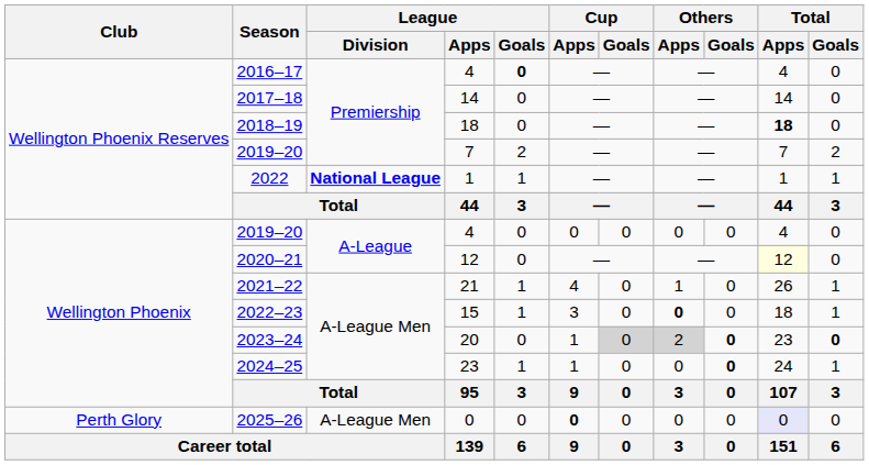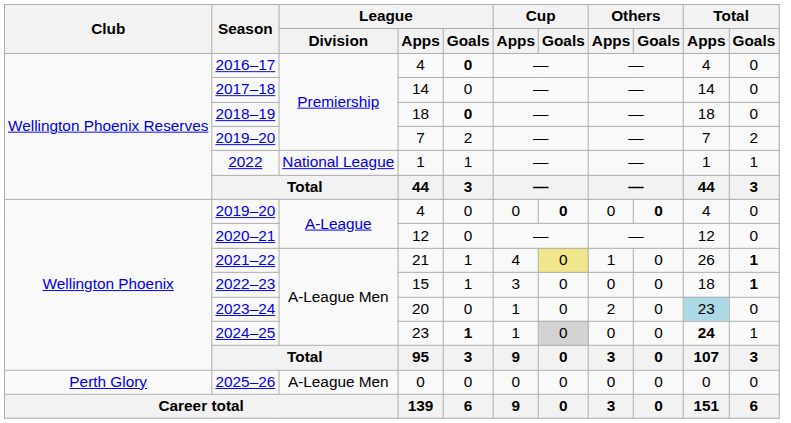 <table class="wikitable" style="text-align: center;">
 <tr>
 <th rowspan=2>Club</th>
 <th rowspan=2>Season</th>
 <th colspan=3>League</th>
 <th colspan=2>Cup</th>
 <th colspan=2>Others</th>
 <th colspan=2>Total</th>
 </tr>
 <tr>
 <th>Division</th>
 <th>Apps</th>
 <th>Goals</th>
 <th>Apps</th>
 <th>Goals</th>
 <th>Apps</th>
 <th>Goals</th>
 <th>Apps</th>
 <th>Goals</th>
 </tr>
 <tr>
 <td rowspan=6><a href='#'>Wellington Phoenix Reserves</a></td>
 <td><a href='#'>2016–17</a></td>
 <td rowspan=4><a href='#'>Premiership</a></td>
 <td>4</td>
 <td><strong>0</strong></td>
 <td colspan=2>—</td>
 <td colspan=2>—</td>
 <td>4</td>
 <td>0</td>
 </tr>
 <tr>
 <td><a href='#'>2017–18</a></td>
 <td>14</td>
 <td>0</td>
 <td colspan=2>—</td>
 <td colspan=2>—</td>
 <td>14</td>
 <td>0</td>
 </tr>
 <tr>
 <td><a href='#'>2018–19</a></td>
 <td>18</td>
-<td>0</td>
+<td><strong>0</strong></td>
 <td colspan=2>—</td>
 <td colspan=2>—</td>
-<td><strong>18</strong></td>
+<td>18</td>
 <td>0</td>
 </tr>
 <tr>
 <td><a href='#'>2019–20</a></td>
 <td>7</td>
 <td>2</td>
 <td colspan=2>—</td>
 <td colspan=2>—</td>
 <td>7</td>
 <td>2</td>
 </tr>
 <tr>
 <td><a href='#'>2022</a></td>
-<td><strong><a href='#'>National League</a></strong></td>
+<td><a href='#'>National League</a></td>
 <td>1</td>
 <td>1</td>
 <td colspan=2>—</td>
 <td colspan=2>—</td>
 <td>1</td>
 <td>1</td>
 </tr>
 <tr>
 <th colspan=2>Total</th>
 <th>44</th>
 <th>3</th>
 <th colspan=2>—</th>
 <th colspan=2>—</th>
 <th>44</th>
 <th>3</th>
 </tr>
 <tr>
 <td rowspan=7><a href='#'>Wellington Phoenix</a></td>
 <td><a href='#'>2019–20</a></td>
 <td rowspan=2><a href='#'>A-League</a></td>
 <td>4</td>
 <td>0</td>
 <td>0</td>
+<td><strong>0</strong></td>
 <td>0</td>
-<td>0</td>
-<td>0</td>
+<td><strong>0</strong></td>
 <td>4</td>
 <td>0</td>
 </tr>
 <tr>
 <td><a href='#'>2020–21</a></td>
 <td>12</td>
 <td>0</td>
 <td colspan=2>—</td>
 <td colspan=2>—</td>
-<td style="background: lightyellow;">12</td>
+<td>12</td>
 <td>0</td>
 </tr>
 <tr>
 <td><a href='#'>2021–22</a></td>
 <td rowspan=4>A-League Men</td>
 <td>21</td>
 <td>1</td>
 <td>4</td>
-<td>0</td>
+<td style="background: khaki;">0</td>
 <td>1</td>
 <td>0</td>
 <td>26</td>
-<td>1</td>
+<td><strong>1</strong></td>
 </tr>
 <tr>
 <td><a href='#'>2022–23</a></td>
 <td>15</td>
 <td>1</td>
 <td>3</td>
 <td>0</td>
-<td><strong>0</strong></td>
+<td>0</td>
 <td>0</td>
 <td>18</td>
-<td>1</td>
+<td><strong>1</strong></td>
 </tr>
 <tr>
 <td><a href='#'>2023–24</a></td>
 <td>20</td>
 <td>0</td>
 <td>1</td>
-<td style="background: lightgrey;">0</td>
-<td style="background: lightgrey;">2</td>
-<td><strong>0</strong></td>
-<td>23</td>
-<td><strong>0</strong></td>
+<td>0</td>
+<td>2</td>
+<td>0</td>
+<td style="background: lightblue;">23</td>
+<td>0</td>
 </tr>
 <tr>
 <td><a href='#'>2024–25</a></td>
 <td>23</td>
+<td><strong>1</strong></td>
 <td>1</td>
-<td>1</td>
+<td style="background: lightgrey;">0</td>
 <td>0</td>
 <td>0</td>
-<td><strong>0</strong></td>
-<td>24</td>
+<td><strong>24</strong></td>
 <td>1</td>
 </tr>
 <tr>
 <th colspan=2>Total</th>
 <th>95</th>
 <th>3</th>
 <th>9</th>
 <th>0</th>
 <th>3</th>
 <th>0</th>
 <th>107</th>
 <th>3</th>
 </tr>
 <tr>
 <td><a href='#'>Perth Glory</a></td>
 <td><a href='#'>2025–26</a></td>
 <td>A-League Men</td>
 <td>0</td>
 <td>0</td>
-<td><strong>0</strong></td>
 <td>0</td>
 <td>0</td>
 <td>0</td>
-<td style="background: lavender;">0</td>
+<td>0</td>
+<td>0</td>
 <td>0</td>
 </tr>
 <tr>
 <th colspan=3>Career total</th>
 <th>139</th>
 <th>6</th>
 <th>9</th>
 <th>0</th>
 <th>3</th>
 <th>0</th>
 <th>151</th>
 <th>6</th>
 </tr>
 </table>
